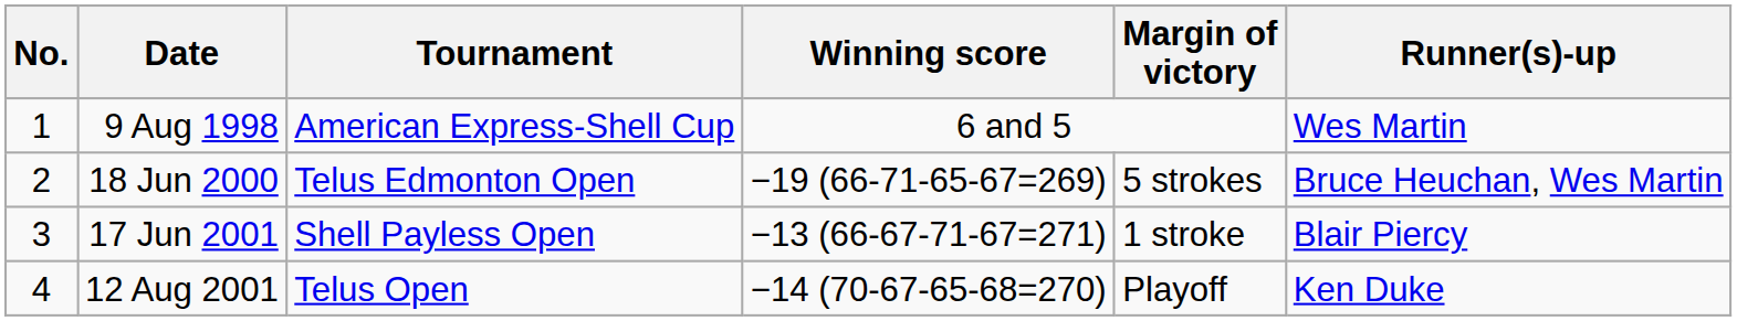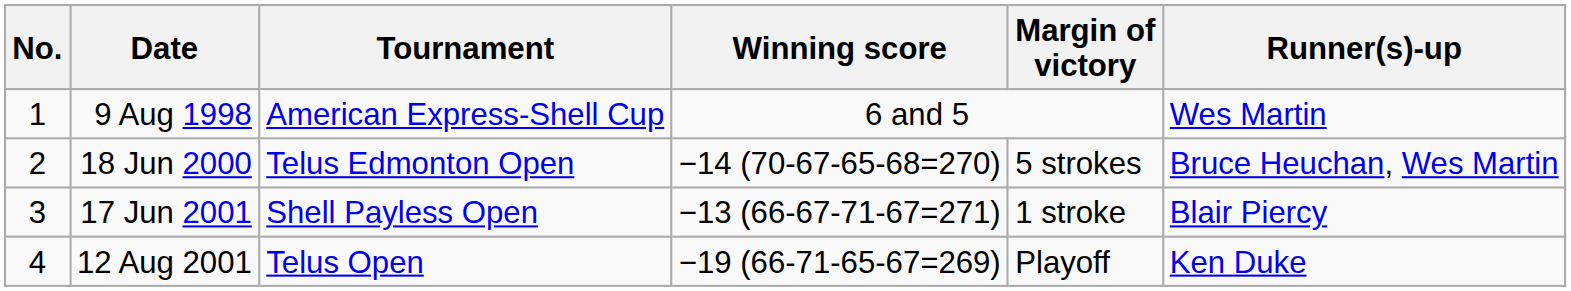 <table class="wikitable" style="font-size:95%;">
 <tr>
 <th>No.</th>
 <th>Date</th>
 <th>Tournament</th>
 <th>Winning score</th>
 <th>Margin of<br>victory</th>
 <th>Runner(s)-up</th>
 </tr>
 <tr>
 <td align=center>1</td>
 <td align=right>9 Aug <a href='#'>1998</a></td>
 <td><a href='#'>American Express-Shell Cup</a></td>
 <td colspan=2 align=center>6 and 5</td>
 <td> <a href='#'>Wes Martin</a></td>
 </tr>
 <tr>
 <td align=center>2</td>
 <td align=right>18 Jun <a href='#'>2000</a></td>
 <td><a href='#'>Telus Edmonton Open</a></td>
-<td>−19 (66-71-65-67=269)</td>
+<td>−14 (70-67-65-68=270)</td>
 <td>5 strokes</td>
 <td> <a href='#'>Bruce Heuchan</a>,  <a href='#'>Wes Martin</a></td>
 </tr>
 <tr>
 <td align=center>3</td>
 <td align=right>17 Jun <a href='#'>2001</a></td>
 <td><a href='#'>Shell Payless Open</a></td>
 <td>−13 (66-67-71-67=271)</td>
 <td>1 stroke</td>
 <td> <a href='#'>Blair Piercy</a></td>
 </tr>
 <tr>
 <td align=center>4</td>
 <td align=right>12 Aug 2001</td>
 <td><a href='#'>Telus Open</a></td>
-<td>−14 (70-67-65-68=270)</td>
+<td>−19 (66-71-65-67=269)</td>
 <td>Playoff</td>
 <td> <a href='#'>Ken Duke</a></td>
 </tr>
 </table>
